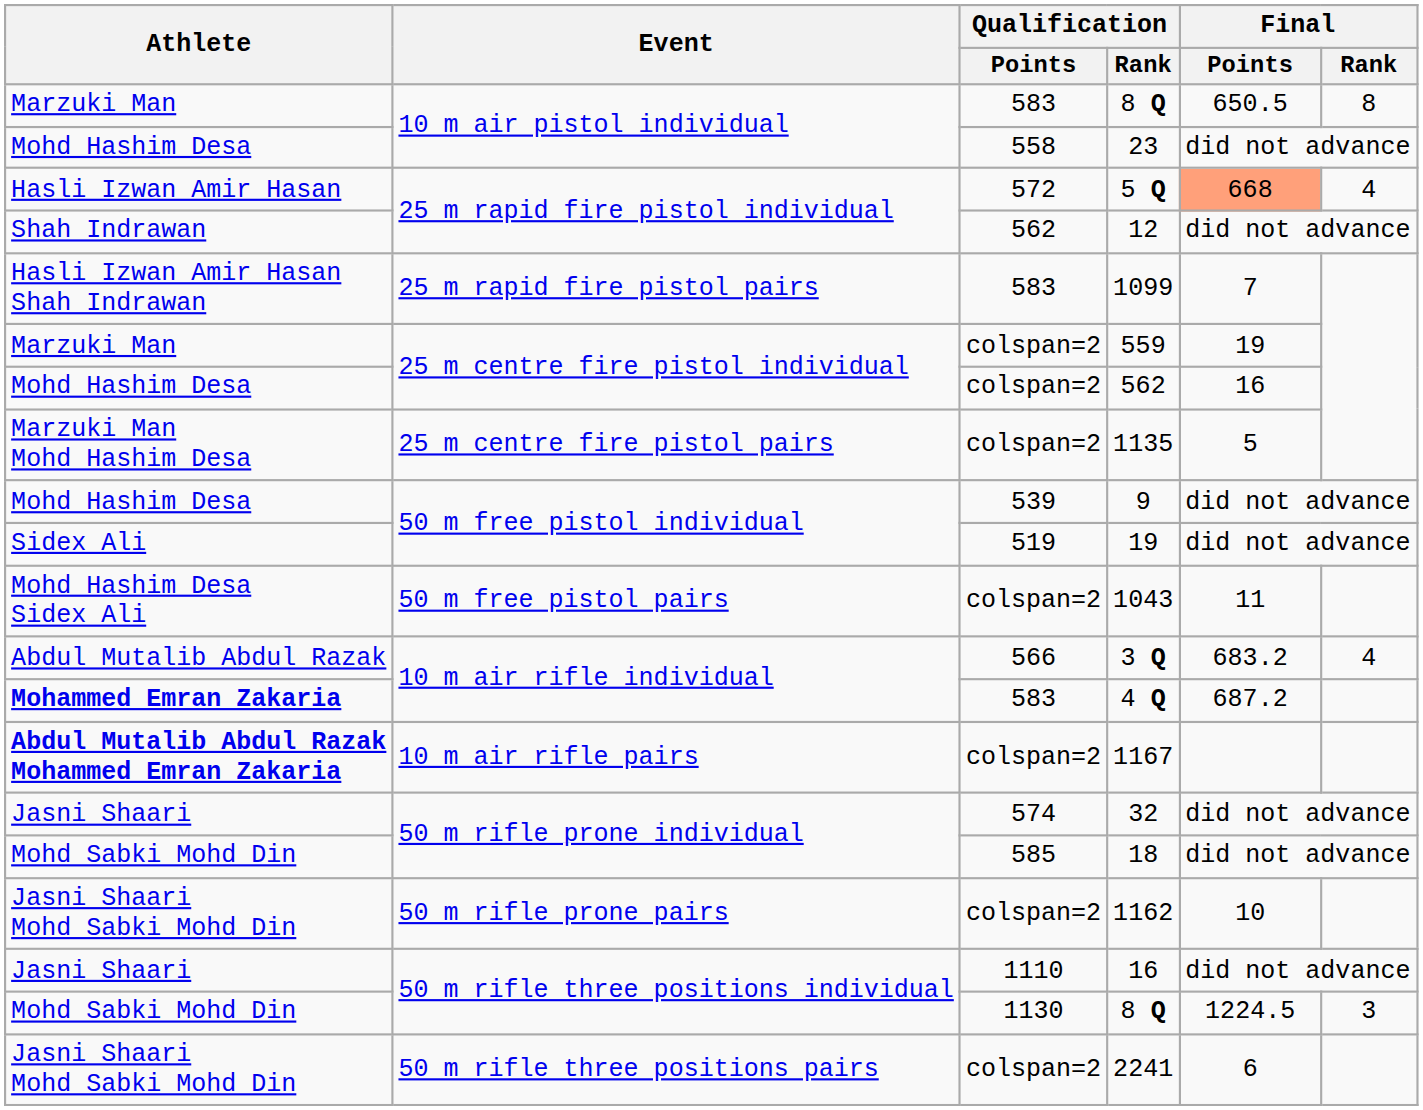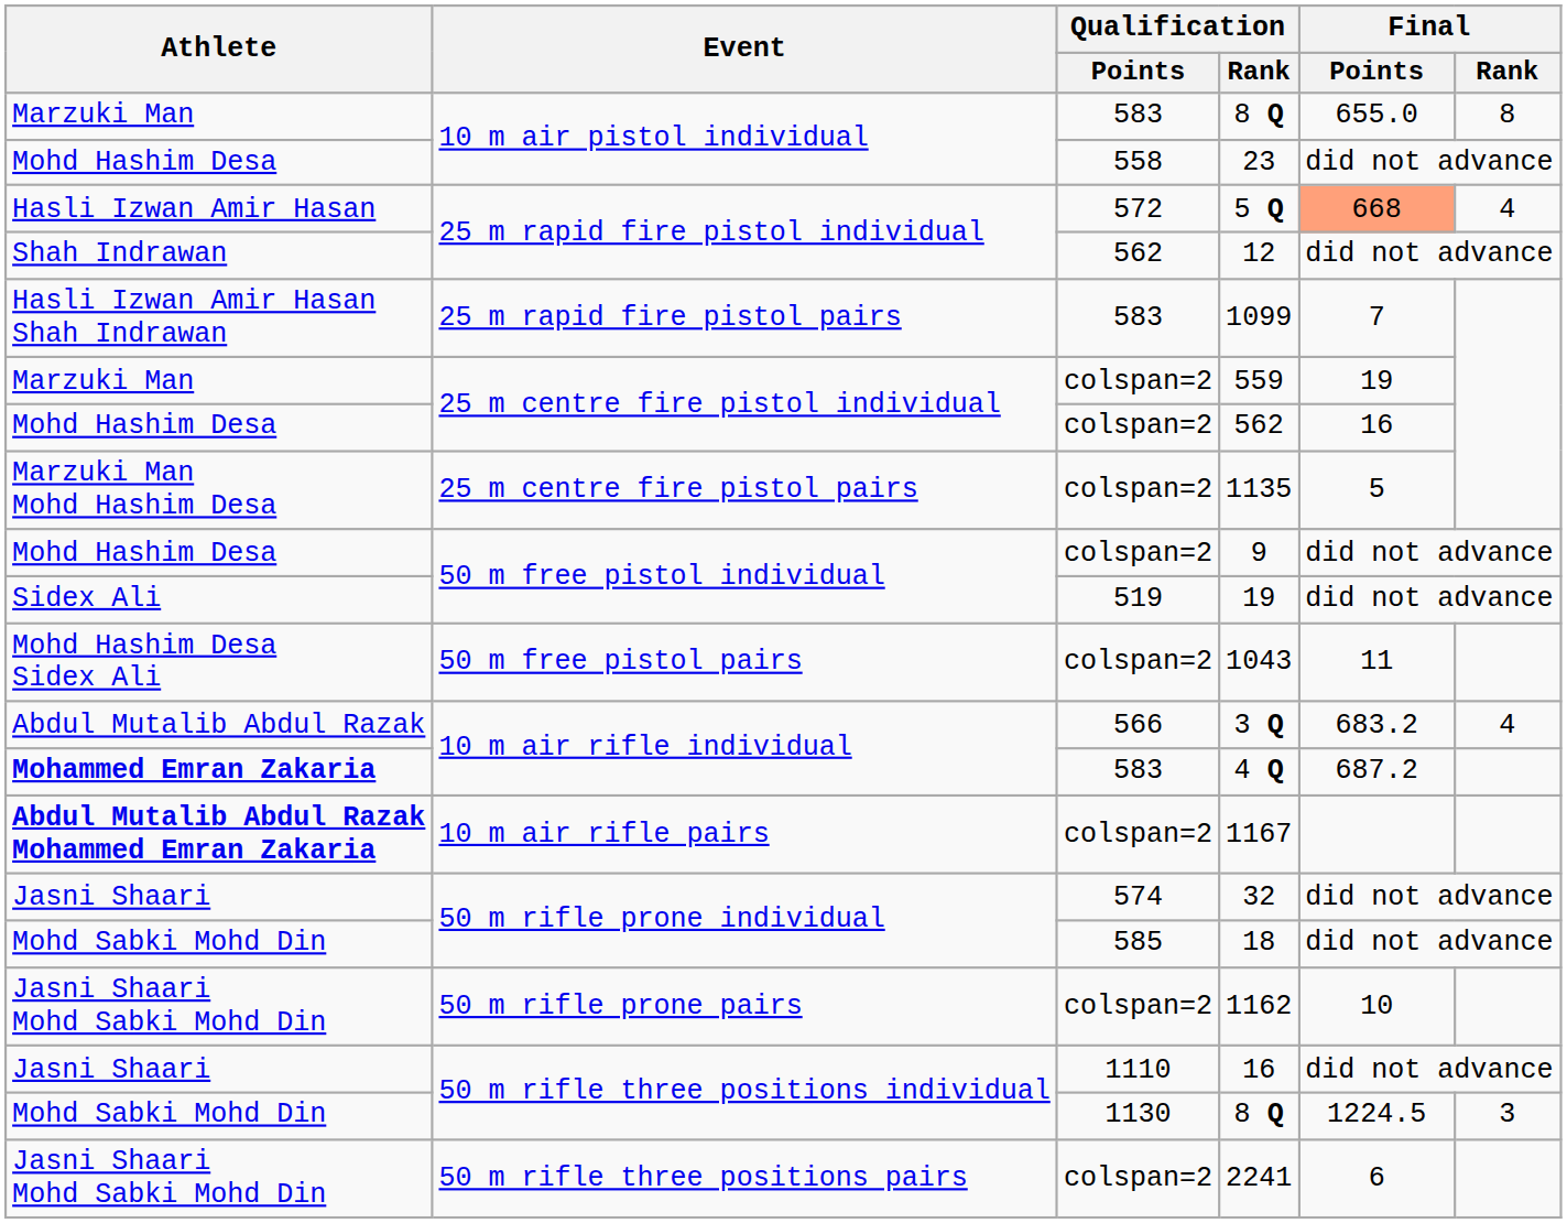 <table class="wikitable" style="font-size:90%;">
 <tr>
 <th rowspan=2>Athlete</th>
 <th rowspan=2>Event</th>
 <th colspan=2>Qualification</th>
 <th colspan=2>Final</th>
 </tr>
 <tr style="font-size:95%">
 <th>Points</th>
 <th>Rank</th>
 <th>Points</th>
 <th>Rank</th>
 </tr>
 <tr align=center>
 <td align=left><a href='#'>Marzuki Man</a></td>
 <td align=left rowspan=2><a href='#'>10 m air pistol individual</a></td>
 <td>583</td>
 <td>8 <strong>Q</strong></td>
-<td>650.5</td>
+<td>655.0</td>
 <td>8</td>
 </tr>
 <tr align=center>
 <td align=left><a href='#'>Mohd Hashim Desa</a></td>
 <td>558</td>
 <td>23</td>
 <td colspan=2>did not advance</td>
 </tr>
 <tr align=center>
 <td align=left><a href='#'>Hasli Izwan Amir Hasan</a></td>
 <td align=left rowspan=2><a href='#'>25 m rapid fire pistol individual</a></td>
 <td>572</td>
 <td>5 <strong>Q</strong></td>
 <td style="background: lightsalmon;">668</td>
 <td>4</td>
 </tr>
 <tr align=center>
 <td align=left><a href='#'>Shah Indrawan</a></td>
 <td>562</td>
 <td>12</td>
 <td colspan=2>did not advance</td>
 </tr>
 <tr align=center>
 <td align=left><a href='#'>Hasli Izwan Amir Hasan</a><br><a href='#'>Shah Indrawan</a></td>
 <td align=left><a href='#'>25 m rapid fire pistol pairs</a></td>
 <td>583</td>
 <td>1099</td>
 <td>7</td>
 </tr>
 <tr align=center>
 <td align=left><a href='#'>Marzuki Man</a></td>
 <td align=left rowspan=2><a href='#'>25 m centre fire pistol individual</a></td>
 <td>colspan=2 </td>
 <td>559</td>
 <td>19</td>
 </tr>
 <tr align=center>
 <td align=left><a href='#'>Mohd Hashim Desa</a></td>
 <td>colspan=2 </td>
 <td>562</td>
 <td>16</td>
 </tr>
 <tr align=center>
 <td align=left><a href='#'>Marzuki Man</a><br><a href='#'>Mohd Hashim Desa</a></td>
 <td align=left><a href='#'>25 m centre fire pistol pairs</a></td>
 <td>colspan=2 </td>
 <td>1135</td>
 <td>5</td>
 </tr>
 <tr align=center>
 <td align=left><a href='#'>Mohd Hashim Desa</a></td>
 <td align=left rowspan=2><a href='#'>50 m free pistol individual</a></td>
-<td>539</td>
+<td>colspan=2 </td>
 <td>9</td>
 <td colspan=2>did not advance</td>
 </tr>
 <tr align=center>
 <td align=left><a href='#'>Sidex Ali</a></td>
 <td>519</td>
 <td>19</td>
 <td colspan=2>did not advance</td>
 </tr>
 <tr align=center>
 <td align=left><a href='#'>Mohd Hashim Desa</a><br><a href='#'>Sidex Ali</a></td>
 <td align=left><a href='#'>50 m free pistol pairs</a></td>
 <td>colspan=2 </td>
 <td>1043</td>
 <td>11</td>
 </tr>
 <tr align=center>
 <td align=left><a href='#'>Abdul Mutalib Abdul Razak</a></td>
 <td align=left rowspan=2><a href='#'>10 m air rifle individual</a></td>
 <td>566</td>
 <td>3 <strong>Q</strong></td>
 <td>683.2</td>
 <td>4</td>
 </tr>
 <tr align=center>
 <td align=left><strong><a href='#'>Mohammed Emran Zakaria</a></strong></td>
 <td>583</td>
 <td>4 <strong>Q</strong></td>
 <td>687.2</td>
 <td></td>
 </tr>
 <tr align=center>
 <td align=left><strong><a href='#'>Abdul Mutalib Abdul Razak</a><br><a href='#'>Mohammed Emran Zakaria</a></strong></td>
 <td align=left><a href='#'>10 m air rifle pairs</a></td>
 <td>colspan=2 </td>
 <td>1167</td>
 <td></td>
 </tr>
 <tr align=center>
 <td align=left><a href='#'>Jasni Shaari</a></td>
 <td align=left rowspan=2><a href='#'>50 m rifle prone individual</a></td>
 <td>574</td>
 <td>32</td>
 <td colspan=2>did not advance</td>
 </tr>
 <tr align=center>
 <td align=left><a href='#'>Mohd Sabki Mohd Din</a></td>
 <td>585</td>
 <td>18</td>
 <td colspan=2>did not advance</td>
 </tr>
 <tr align=center>
 <td align=left><a href='#'>Jasni Shaari</a><br><a href='#'>Mohd Sabki Mohd Din</a></td>
 <td align=left><a href='#'>50 m rifle prone pairs</a></td>
 <td>colspan=2 </td>
 <td>1162</td>
 <td>10</td>
 </tr>
 <tr align=center>
 <td align=left><a href='#'>Jasni Shaari</a></td>
 <td align=left rowspan=2><a href='#'>50 m rifle three positions individual</a></td>
 <td>1110</td>
 <td>16</td>
 <td colspan=2>did not advance</td>
 </tr>
 <tr align=center>
 <td align=left><a href='#'>Mohd Sabki Mohd Din</a></td>
 <td>1130</td>
 <td>8 <strong>Q</strong></td>
 <td>1224.5</td>
 <td>3</td>
 </tr>
 <tr align=center>
 <td align=left><a href='#'>Jasni Shaari</a><br><a href='#'>Mohd Sabki Mohd Din</a></td>
 <td align=left><a href='#'>50 m rifle three positions pairs</a></td>
 <td>colspan=2 </td>
 <td>2241</td>
 <td>6</td>
 </tr>
 </table>
